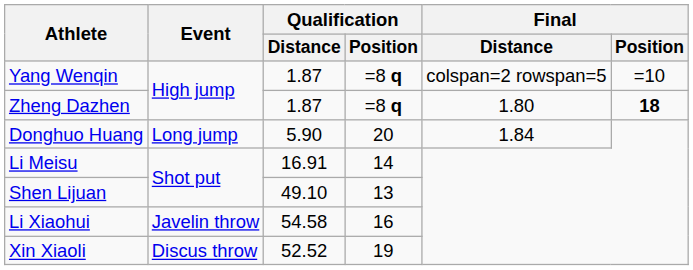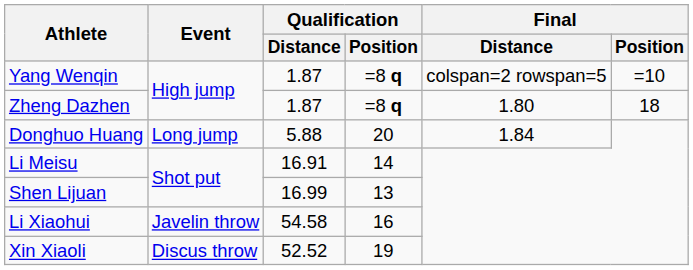 <table class=wikitable style=font-size:90%>
 <tr>
 <th rowspan=2>Athlete</th>
 <th rowspan=2>Event</th>
 <th colspan=2>Qualification</th>
 <th colspan=2>Final</th>
 </tr>
 <tr style=font-size:95%>
 <th>Distance</th>
 <th>Position</th>
 <th>Distance</th>
 <th>Position</th>
 </tr>
 <tr align=center>
 <td align=left><a href='#'>Yang Wenqin</a></td>
 <td align=left rowspan=2><a href='#'>High jump</a></td>
 <td>1.87</td>
 <td>=8 <strong>q</strong></td>
 <td>colspan=2 rowspan=5 </td>
 <td>=10</td>
 </tr>
 <tr align=center>
 <td align=left><a href='#'>Zheng Dazhen</a></td>
 <td>1.87</td>
 <td>=8 <strong>q</strong></td>
 <td>1.80</td>
-<td><strong>18</strong></td>
+<td>18</td>
 </tr>
 <tr align=center>
 <td align=left><a href='#'>Donghuo Huang</a></td>
 <td align=left><a href='#'>Long jump</a></td>
-<td>5.90</td>
+<td>5.88</td>
 <td>20</td>
 <td>1.84</td>
 </tr>
 <tr align=center>
 <td align=left><a href='#'>Li Meisu</a></td>
 <td align=left rowspan=2><a href='#'>Shot put</a></td>
 <td>16.91</td>
 <td>14</td>
 </tr>
 <tr align=center>
 <td align=left><a href='#'>Shen Lijuan</a></td>
-<td>49.10</td>
+<td>16.99</td>
 <td>13</td>
 </tr>
 <tr align=center>
 <td align=left><a href='#'>Li Xiaohui</a></td>
 <td align=left><a href='#'>Javelin throw</a></td>
 <td>54.58</td>
 <td>16</td>
 </tr>
 <tr align=center>
 <td align=left><a href='#'>Xin Xiaoli</a></td>
 <td align=left><a href='#'>Discus throw</a></td>
 <td>52.52</td>
 <td>19</td>
 </tr>
 </table>
